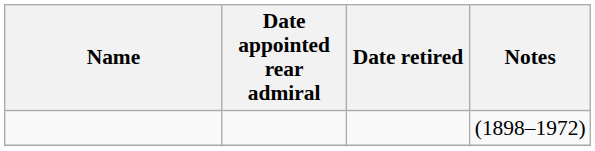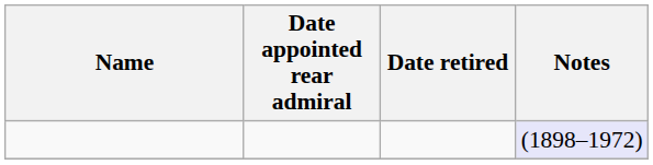 <table class="wikitable sortable">
 <tr>
 <th width = 155>Name</th>
 <th width = 85>Date appointed rear admiral</th>
 <th class="unsortable" width = 85>Date retired</th>
 <th class="unsortable">Notes</th>
 </tr>
 <tr valign=top>
 <td></td>
 <td align="right">  </td>
 <td align="right">  </td>
-<td>(1898–1972)</td>
+<td style="background: lavender;">(1898–1972)</td>
 </tr>
 <tr>
 </tr>
 </table>
